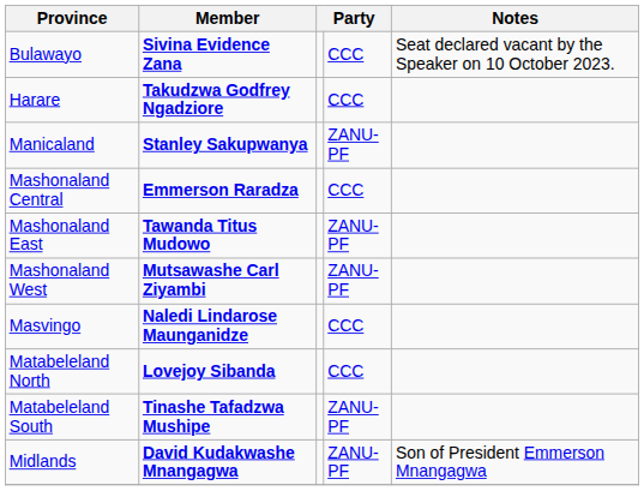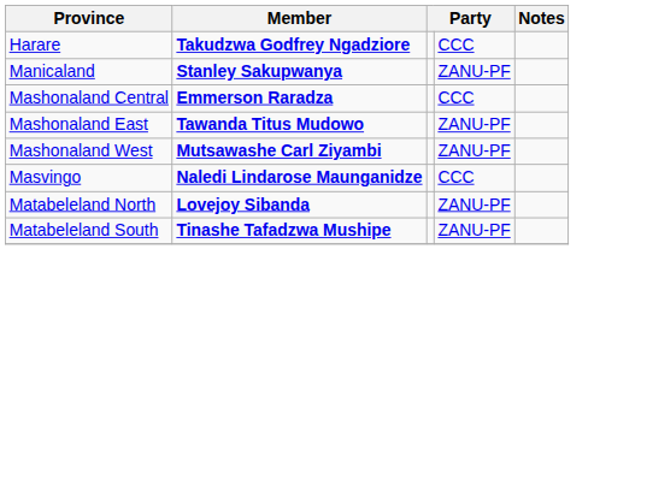 <table class="wikitable sortable" id="senate-members">
 <tr>
 <th>Province</th>
 <th><strong>Member</strong></th>
 <th colspan="2">Party</th>
 <th>Notes</th>
-</tr>
-<tr>
-<td><a href='#'>Bulawayo</a></td>
-<td data-sort-value="Zana Sivina Evidence"><strong><a href='#'>Sivina Evidence Zana</a></strong></td>
-<td style="background-color: "></td>
-<td><a href='#'>CCC</a></td>
-<td>Seat declared vacant by the Speaker on 10 October 2023.</td>
 </tr>
 <tr>
 <td><a href='#'>Harare</a></td>
 <td data-sort-value="Ngadziore Takudzwa Godfrey"><strong><a href='#'>Takudzwa Godfrey Ngadziore</a></strong></td>
 <td style="background-color: "></td>
 <td><a href='#'>CCC</a></td>
 <td></td>
 </tr>
 <tr>
 <td><a href='#'>Manicaland</a></td>
 <td data-sort-value="Sakupwanya Stanley"><strong><a href='#'>Stanley Sakupwanya</a></strong></td>
 <td style="background-color: "></td>
 <td><a href='#'>ZANU-PF</a></td>
 <td></td>
 </tr>
 <tr>
 <td><a href='#'>Mashonaland Central</a></td>
 <td data-sort-value="Raradza Emmerson"><strong><a href='#'>Emmerson Raradza</a></strong></td>
 <td style="background-color: "></td>
 <td><a href='#'>CCC</a></td>
 <td></td>
 </tr>
 <tr>
 <td><a href='#'>Mashonaland East</a></td>
 <td data-sort-value="Mudowo Tawanda Titus"><strong><a href='#'>Tawanda Titus Mudowo</a></strong></td>
 <td style="background-color: "></td>
 <td><a href='#'>ZANU-PF</a></td>
 <td></td>
 </tr>
 <tr>
 <td><a href='#'>Mashonaland West</a></td>
 <td data-sort-value="Ziyambi Mutsawashe Carl"><strong><a href='#'>Mutsawashe Carl Ziyambi</a></strong></td>
 <td style="background-color: "></td>
 <td><a href='#'>ZANU-PF</a></td>
 <td></td>
 </tr>
 <tr>
 <td><a href='#'>Masvingo</a></td>
 <td data-sort-value="Maunganidze Naledi Lindarose"><strong><a href='#'>Naledi Lindarose Maunganidze</a></strong></td>
 <td style="background-color: "></td>
 <td><a href='#'>CCC</a></td>
 <td></td>
 </tr>
 <tr>
 <td><a href='#'>Matabeleland North</a></td>
 <td data-sort-value="Sibanda Lovejoy"><strong><a href='#'>Lovejoy Sibanda</a></strong></td>
 <td style="background-color: "></td>
-<td><a href='#'>CCC</a></td>
+<td><a href='#'>ZANU-PF</a></td>
 <td></td>
 </tr>
 <tr>
 <td><a href='#'>Matabeleland South</a></td>
 <td data-sort-value="Mushipe Tinashe Tafadzwa"><strong><a href='#'>Tinashe Tafadzwa Mushipe</a></strong></td>
 <td style="background-color: "></td>
 <td><a href='#'>ZANU-PF</a></td>
 <td></td>
 </tr>
 <tr>
-<td><a href='#'>Midlands</a></td>
-<td data-sort-value="Mnangagwa Kudakwashe David"><strong><a href='#'>David Kudakwashe Mnangagwa</a></strong></td>
-<td style="background-color: "></td>
-<td><a href='#'>ZANU-PF</a></td>
-<td>Son of President <a href='#'>Emmerson Mnangagwa</a></td>
-</tr>
-<tr>
 </tr>
 </table>
